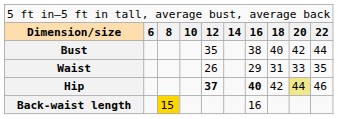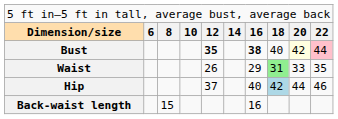 <table class="wikitable">
 <tr>
 <td colspan="11">5 ft  in–5 ft  in tall, average bust, average back</td>
 </tr>
 <tr>
 <th style="background:#ffdead;">Dimension/size</th>
 <th>6</th>
 <th>8</th>
 <th>10</th>
 <th>12</th>
 <th>14</th>
 <th>16</th>
 <th>18</th>
 <th>20</th>
 <th>22</th>
 </tr>
 <tr>
 <th>Bust</th>
 <td></td>
 <td></td>
 <td></td>
-<td>35</td>
+<td><strong>35</strong></td>
 <td></td>
-<td>38</td>
+<td><strong>38</strong></td>
 <td>40</td>
-<td>42</td>
-<td>44</td>
+<td style="background: lightyellow;">42</td>
+<td style="background: pink;">44</td>
 </tr>
 <tr>
 <th>Waist</th>
 <td></td>
 <td></td>
 <td></td>
 <td>26</td>
 <td></td>
 <td>29</td>
-<td>31</td>
+<td style="background: lightgreen;">31</td>
 <td>33</td>
 <td>35</td>
 </tr>
 <tr>
 <th>Hip</th>
 <td></td>
 <td></td>
 <td></td>
-<td><strong>37</strong></td>
+<td>37</td>
 <td></td>
-<td><strong>40</strong></td>
-<td>42</td>
-<td style="background: khaki;">44</td>
+<td>40</td>
+<td style="background: lightblue;">42</td>
+<td>44</td>
 <td>46</td>
 </tr>
 <tr>
 <th>Back-waist length</th>
 <td></td>
-<td style="background: gold;">15</td>
+<td>15</td>
 <td></td>
 <td></td>
 <td></td>
 <td>16</td>
 <td></td>
 <td></td>
 <td></td>
 </tr>
 </table>
